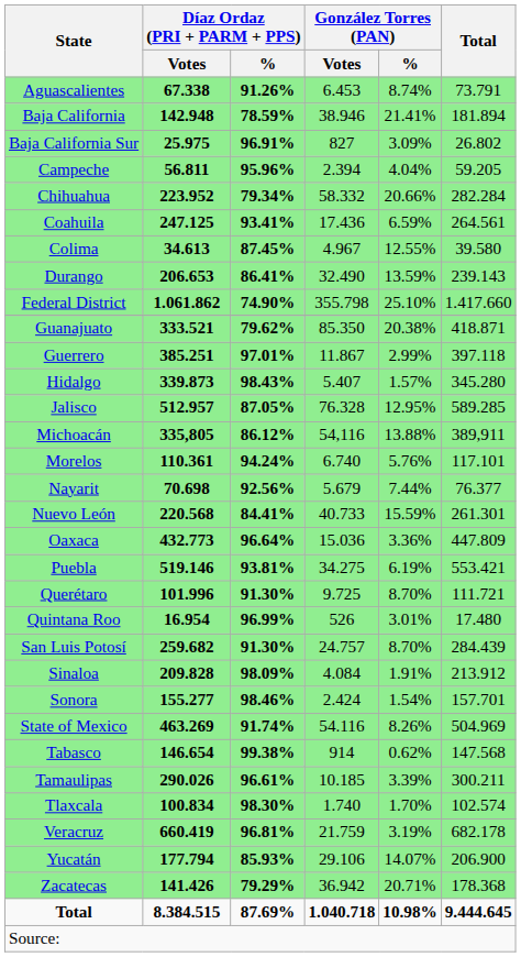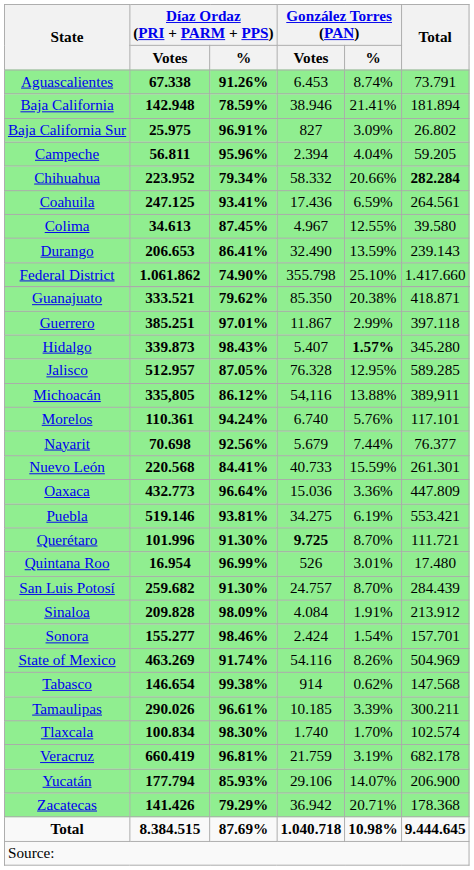 <table class="wikitable sortable"  style="text-align: center;">
 <tr>
 <th rowspan=2>State</th>
 <th colspan=2><a href='#'>Díaz Ordaz</a><br>(<a href='#'>PRI</a> + <a href='#'>PARM</a> + <a href='#'>PPS</a>)</th>
 <th colspan=2><a href='#'>González Torres</a><br>(<a href='#'>PAN</a>)</th>
 <th rowspan=2 colspan=1>Total</th>
 </tr>
 <tr>
 <th>Votes</th>
 <th>%</th>
 <th>Votes</th>
 <th>%</th>
 </tr>
 <tr bgcolor=lightgreen>
 <td><a href='#'>Aguascalientes</a></td>
 <td><strong>67.338</strong></td>
 <td><strong>91.26%</strong></td>
 <td>6.453</td>
 <td>8.74%</td>
 <td>73.791</td>
 </tr>
 <tr bgcolor=lightgreen>
 <td><a href='#'>Baja California</a></td>
 <td><strong>142.948</strong></td>
 <td><strong>78.59%</strong></td>
 <td>38.946</td>
 <td>21.41%</td>
 <td>181.894</td>
 </tr>
 <tr bgcolor=lightgreen>
 <td><a href='#'>Baja California Sur</a></td>
 <td><strong>25.975</strong></td>
 <td><strong>96.91%</strong></td>
 <td>827</td>
 <td>3.09%</td>
 <td>26.802</td>
 </tr>
 <tr bgcolor=lightgreen>
 <td><a href='#'>Campeche</a></td>
 <td><strong>56.811</strong></td>
 <td><strong>95.96%</strong></td>
 <td>2.394</td>
 <td>4.04%</td>
 <td>59.205</td>
 </tr>
 <tr bgcolor=lightgreen>
 <td><a href='#'>Chihuahua</a></td>
 <td><strong>223.952</strong></td>
 <td><strong>79.34%</strong></td>
 <td>58.332</td>
 <td>20.66%</td>
-<td>282.284</td>
+<td><strong>282.284</strong></td>
 </tr>
 <tr bgcolor=lightgreen>
 <td><a href='#'>Coahuila</a></td>
 <td><strong>247.125</strong></td>
 <td><strong>93.41%</strong></td>
 <td>17.436</td>
 <td>6.59%</td>
 <td>264.561</td>
 </tr>
 <tr bgcolor=lightgreen>
 <td><a href='#'>Colima</a></td>
 <td><strong>34.613</strong></td>
 <td><strong>87.45%</strong></td>
 <td>4.967</td>
 <td>12.55%</td>
 <td>39.580</td>
 </tr>
 <tr bgcolor=lightgreen>
 <td><a href='#'>Durango</a></td>
 <td><strong>206.653</strong></td>
 <td><strong>86.41%</strong></td>
 <td>32.490</td>
 <td>13.59%</td>
 <td>239.143</td>
 </tr>
 <tr bgcolor=lightgreen>
 <td><a href='#'>Federal District</a></td>
 <td><strong>1.061.862</strong></td>
 <td><strong>74.90%</strong></td>
 <td>355.798</td>
 <td>25.10%</td>
 <td>1.417.660</td>
 </tr>
 <tr bgcolor=lightgreen>
 </tr>
 <tr bgcolor=lightgreen>
 <td><a href='#'>Guanajuato</a></td>
 <td><strong>333.521</strong></td>
 <td><strong>79.62%</strong></td>
 <td>85.350</td>
 <td>20.38%</td>
 <td>418.871</td>
 </tr>
 <tr bgcolor=lightgreen>
 <td><a href='#'>Guerrero</a></td>
 <td><strong>385.251</strong></td>
 <td><strong>97.01%</strong></td>
 <td>11.867</td>
 <td>2.99%</td>
 <td>397.118</td>
 </tr>
 <tr bgcolor=lightgreen>
 <td><a href='#'>Hidalgo</a></td>
 <td><strong>339.873</strong></td>
 <td><strong>98.43%</strong></td>
 <td>5.407</td>
-<td>1.57%</td>
+<td><strong>1.57%</strong></td>
 <td>345.280</td>
 </tr>
 <tr bgcolor=lightgreen>
 <td><a href='#'>Jalisco</a></td>
 <td><strong>512.957</strong></td>
 <td><strong>87.05%</strong></td>
 <td>76.328</td>
 <td>12.95%</td>
 <td>589.285</td>
 </tr>
 <tr bgcolor=lightgreen>
 <td><a href='#'>Michoacán</a></td>
 <td><strong>335,805</strong></td>
 <td><strong>86.12%</strong></td>
 <td>54,116</td>
 <td>13.88%</td>
 <td>389,911</td>
 </tr>
 <tr bgcolor=lightgreen>
 <td><a href='#'>Morelos</a></td>
 <td><strong>110.361</strong></td>
 <td><strong>94.24%</strong></td>
 <td>6.740</td>
 <td>5.76%</td>
 <td>117.101</td>
 </tr>
 <tr bgcolor=lightgreen>
 <td><a href='#'>Nayarit</a></td>
 <td><strong>70.698</strong></td>
 <td><strong>92.56%</strong></td>
 <td>5.679</td>
 <td>7.44%</td>
 <td>76.377</td>
 </tr>
 <tr bgcolor=lightgreen>
 <td><a href='#'>Nuevo León</a></td>
 <td><strong>220.568</strong></td>
 <td><strong>84.41%</strong></td>
 <td>40.733</td>
 <td>15.59%</td>
 <td>261.301</td>
 </tr>
 <tr bgcolor=lightgreen>
 <td><a href='#'>Oaxaca</a></td>
 <td><strong>432.773</strong></td>
 <td><strong>96.64%</strong></td>
 <td>15.036</td>
 <td>3.36%</td>
 <td>447.809</td>
 </tr>
 <tr bgcolor=lightgreen>
 <td><a href='#'>Puebla</a></td>
 <td><strong>519.146</strong></td>
 <td><strong>93.81%</strong></td>
 <td>34.275</td>
 <td>6.19%</td>
 <td>553.421</td>
 </tr>
 <tr bgcolor=lightgreen>
 <td><a href='#'>Querétaro</a></td>
 <td><strong>101.996</strong></td>
 <td><strong>91.30%</strong></td>
-<td>9.725</td>
+<td><strong>9.725</strong></td>
 <td>8.70%</td>
 <td>111.721</td>
 </tr>
 <tr bgcolor=lightgreen>
 <td><a href='#'>Quintana Roo</a></td>
 <td><strong>16.954</strong></td>
 <td><strong>96.99%</strong></td>
 <td>526</td>
 <td>3.01%</td>
 <td>17.480</td>
 </tr>
 <tr bgcolor=lightgreen>
 <td><a href='#'>San Luis Potosí</a></td>
 <td><strong>259.682</strong></td>
 <td><strong>91.30%</strong></td>
 <td>24.757</td>
 <td>8.70%</td>
 <td>284.439</td>
 </tr>
 <tr bgcolor=lightgreen>
 <td><a href='#'>Sinaloa</a></td>
 <td><strong>209.828</strong></td>
 <td><strong>98.09%</strong></td>
 <td>4.084</td>
 <td>1.91%</td>
 <td>213.912</td>
 </tr>
 <tr bgcolor=lightgreen>
 <td><a href='#'>Sonora</a></td>
 <td><strong>155.277</strong></td>
 <td><strong>98.46%</strong></td>
 <td>2.424</td>
 <td>1.54%</td>
 <td>157.701</td>
 </tr>
 <tr bgcolor=lightgreen>
 <td><a href='#'>State of Mexico</a></td>
 <td><strong>463.269</strong></td>
 <td><strong>91.74%</strong></td>
 <td>54.116</td>
 <td>8.26%</td>
 <td>504.969</td>
 </tr>
 <tr bgcolor=lightgreen>
 <td><a href='#'>Tabasco</a></td>
 <td><strong>146.654</strong></td>
 <td><strong>99.38%</strong></td>
 <td>914</td>
 <td>0.62%</td>
 <td>147.568</td>
 </tr>
 <tr bgcolor=lightgreen>
 <td><a href='#'>Tamaulipas</a></td>
 <td><strong>290.026</strong></td>
 <td><strong>96.61%</strong></td>
 <td>10.185</td>
 <td>3.39%</td>
 <td>300.211</td>
 </tr>
 <tr bgcolor=lightgreen>
 <td><a href='#'>Tlaxcala</a></td>
 <td><strong>100.834</strong></td>
 <td><strong>98.30%</strong></td>
 <td>1.740</td>
 <td>1.70%</td>
 <td>102.574</td>
 </tr>
 <tr bgcolor=lightgreen>
 <td><a href='#'>Veracruz</a></td>
 <td><strong>660.419</strong></td>
 <td><strong>96.81%</strong></td>
 <td>21.759</td>
 <td>3.19%</td>
 <td>682.178</td>
 </tr>
 <tr bgcolor=lightgreen>
 <td><a href='#'>Yucatán</a></td>
 <td><strong>177.794</strong></td>
 <td><strong>85.93%</strong></td>
 <td>29.106</td>
 <td>14.07%</td>
 <td>206.900</td>
 </tr>
 <tr bgcolor=lightgreen>
 <td><a href='#'>Zacatecas</a></td>
 <td><strong>141.426</strong></td>
 <td><strong>79.29%</strong></td>
 <td>36.942</td>
 <td>20.71%</td>
 <td>178.368</td>
 </tr>
 <tr style="font-weight:bold">
 <td>Total</td>
 <td>8.384.515</td>
 <td>87.69%</td>
 <td>1.040.718</td>
 <td>10.98%</td>
 <td>9.444.645</td>
 </tr>
 <tr>
 <td colspan=8 align=left>Source: </td>
 </tr>
 </table>
